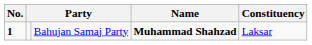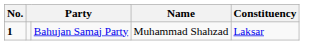 <table class="wikitable sortable">
 <tr>
 <th>No.</th>
 <th colspan=2>Party</th>
 <th>Name</th>
 <th>Constituency</th>
 </tr>
 <tr>
 <td><strong>1</strong></td>
 <td></td>
 <td><a href='#'>Bahujan Samaj Party</a></td>
-<td><strong>Muhammad Shahzad</strong></td>
+<td>Muhammad Shahzad</td>
 <td><a href='#'>Laksar</a></td>
 </tr>
 </table>
